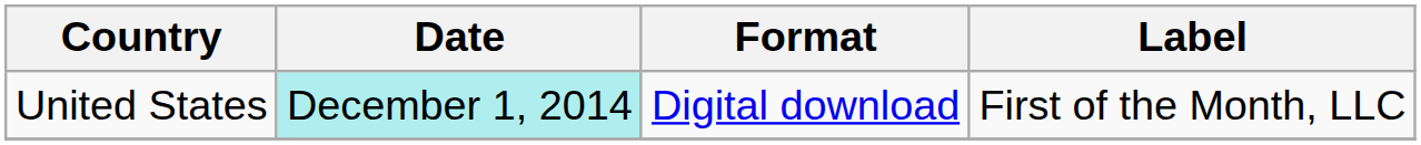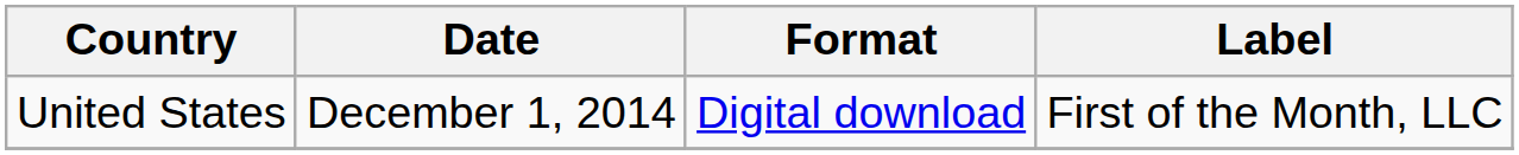 <table class="wikitable">
 <tr>
 <th>Country</th>
 <th>Date</th>
 <th>Format</th>
 <th>Label</th>
 </tr>
 <tr>
 <td>United States</td>
-<td rowspan="1" style="background: paleturquoise;">December 1, 2014</td>
+<td rowspan="1">December 1, 2014</td>
 <td rowspan="1"><a href='#'>Digital download</a></td>
 <td rowspan="1">First of the Month, LLC</td>
 </tr>
 <tr>
 </tr>
 </table>
